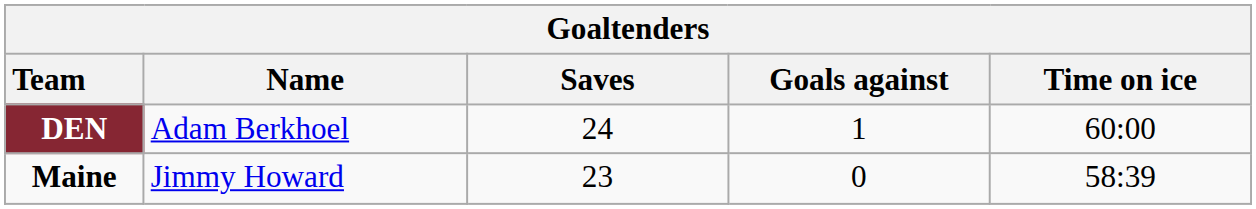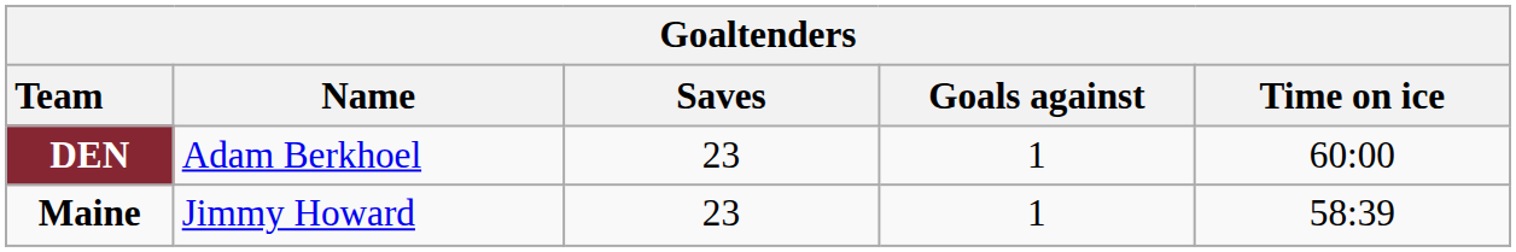 <table class="wikitable" style="width:40em; text-align:right;">
 <tr>
 <th colspan=5>Goaltenders</th>
 </tr>
 <tr>
 <th style="width:4em; text-align:left;">Team</th>
 <th style="width:10em;">Name</th>
 <th style="width:8em;">Saves</th>
 <th style="width:8em;">Goals against</th>
 <th style="width:8em;">Time on ice</th>
 </tr>
 <tr>
 <td align=center style="color:white; background:#862633; "><strong>DEN</strong></td>
 <td style="text-align:left;"><a href='#'>Adam Berkhoel</a></td>
-<td align=center>24</td>
+<td align=center>23</td>
 <td align=center>1</td>
 <td align=center>60:00</td>
 </tr>
 <tr>
 <td align=center><strong>Maine</strong></td>
 <td style="text-align:left;"><a href='#'>Jimmy Howard</a></td>
 <td align=center>23</td>
-<td align=center>0</td>
+<td align=center>1</td>
 <td align=center>58:39</td>
 </tr>
 </table>
